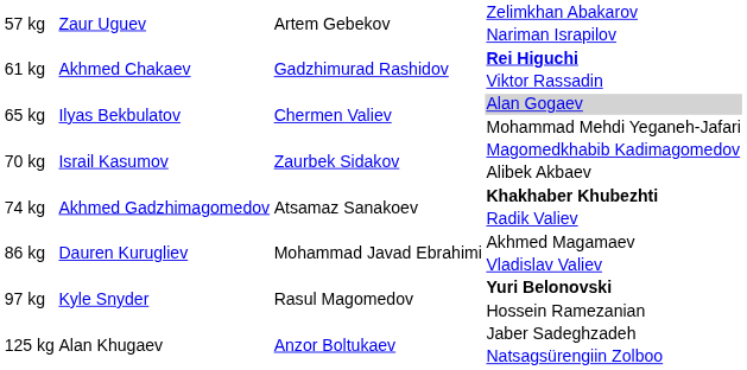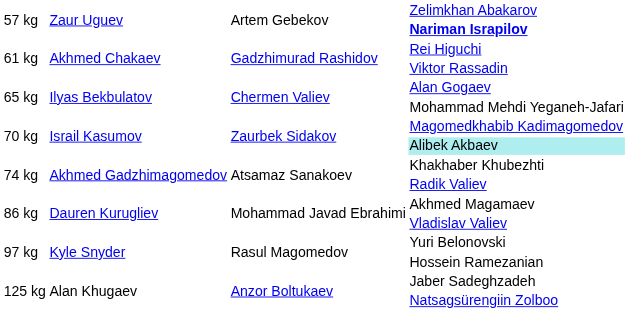 <table>
 <tr>
 <td rowspan=2>57 kg<br></td>
 <td rowspan=2> <a href='#'>Zaur Uguev</a></td>
 <td rowspan=2> Artem Gebekov</td>
 <td> <a href='#'>Zelimkhan Abakarov</a></td>
 </tr>
 <tr>
-<td> <a href='#'>Nariman Israpilov</a></td>
+<td><strong> <a href='#'>Nariman Israpilov</a></strong></td>
 </tr>
 <tr>
 <td rowspan=2>61 kg<br></td>
 <td rowspan=2> <a href='#'>Akhmed Chakaev</a></td>
 <td rowspan=2> <a href='#'>Gadzhimurad Rashidov</a></td>
-<td><strong> <a href='#'>Rei Higuchi</a></strong></td>
+<td> <a href='#'>Rei Higuchi</a></td>
 </tr>
 <tr>
 <td> <a href='#'>Viktor Rassadin</a></td>
 </tr>
 <tr>
 <td rowspan=2>65 kg<br></td>
 <td rowspan=2> <a href='#'>Ilyas Bekbulatov</a></td>
 <td rowspan=2> <a href='#'>Chermen Valiev</a></td>
-<td style="background: lightgrey;"> <a href='#'>Alan Gogaev</a></td>
+<td> <a href='#'>Alan Gogaev</a></td>
 </tr>
 <tr>
 <td> Mohammad Mehdi Yeganeh-Jafari</td>
 </tr>
 <tr>
 <td rowspan=2>70 kg<br></td>
 <td rowspan=2><a href='#'>Israil Kasumov</a></td>
 <td rowspan=2> <a href='#'>Zaurbek Sidakov</a></td>
 <td> <a href='#'>Magomedkhabib Kadimagomedov</a></td>
 </tr>
 <tr>
-<td> Alibek Akbaev</td>
+<td style="background: paleturquoise;"> Alibek Akbaev</td>
 </tr>
 <tr>
 <td rowspan=2>74 kg<br></td>
 <td rowspan=2> <a href='#'>Akhmed Gadzhimagomedov</a></td>
 <td rowspan=2> Atsamaz Sanakoev</td>
-<td><strong> Khakhaber Khubezhti</strong></td>
+<td> Khakhaber Khubezhti</td>
 </tr>
 <tr>
 <td> <a href='#'>Radik Valiev</a></td>
 </tr>
 <tr>
 <td rowspan=2>86 kg<br></td>
 <td rowspan=2> <a href='#'>Dauren Kurugliev</a></td>
 <td rowspan=2> Mohammad Javad Ebrahimi</td>
 <td> Akhmed Magamaev</td>
 </tr>
 <tr>
 <td> <a href='#'>Vladislav Valiev</a></td>
 </tr>
 <tr>
 <td rowspan=2>97 kg<br></td>
 <td rowspan=2> <a href='#'>Kyle Snyder</a></td>
 <td rowspan=2> Rasul Magomedov</td>
-<td><strong> Yuri Belonovski</strong></td>
+<td> Yuri Belonovski</td>
 </tr>
 <tr>
 <td> Hossein Ramezanian</td>
 </tr>
 <tr>
 <td rowspan=2>125 kg<br></td>
 <td rowspan=2> Alan Khugaev</td>
 <td rowspan=2> <a href='#'>Anzor Boltukaev</a></td>
 <td> Jaber Sadeghzadeh</td>
 </tr>
 <tr>
 <td> <a href='#'>Natsagsürengiin Zolboo</a></td>
 </tr>
 </table>
